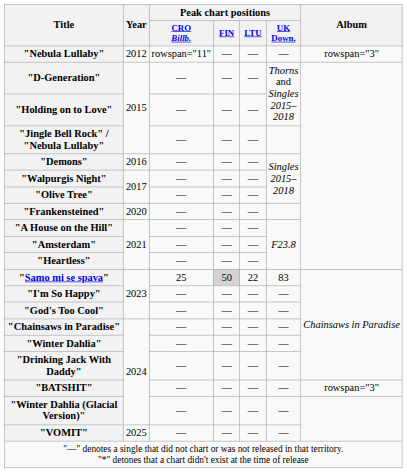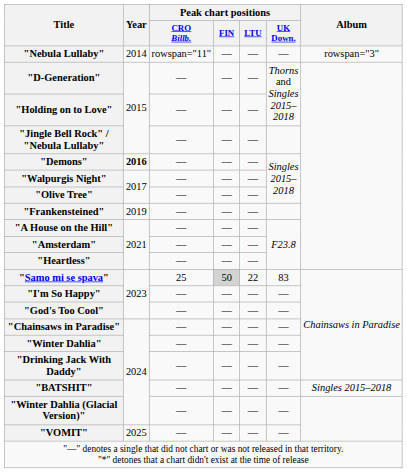 <table class="wikitable plainrowheaders" style="text-align:center;">
 <tr>
 <th scope="col" style="width:11em;" rowspan="2">Title</th>
 <th scope="col" rowspan="2">Year</th>
 <th scope="col" colspan="4">Peak chart positions</th>
 <th scope="col" rowspan="2">Album</th>
 </tr>
 <tr>
 <th style="width:2.5em; font-size:85%"><a href='#'>CRO<br><em>Billb.</em></a><br></th>
 <th style="width:2.5em; font-size:85%;"><a href='#'>FIN</a><br></th>
 <th style="width:2.5em; font-size:85%"><a href='#'>LTU</a><br></th>
 <th style="width:2.5em; font-size:85%"><a href='#'>UK<br>Down.</a><br></th>
 </tr>
 <tr>
 <th scope="row">"Nebula Lullaby"</th>
-<td>2012</td>
+<td>2014</td>
 <td>rowspan="11" </td>
 <td>—</td>
 <td>—</td>
 <td>—</td>
 <td>rowspan="3" </td>
 </tr>
 <tr>
 <th scope="row">"D-Generation"</th>
 <td rowspan="3">2015</td>
 <td>—</td>
 <td>—</td>
 <td>—</td>
 <td rowspan="2"><em>Thorns</em> and <em>Singles 2015–2018</em></td>
 </tr>
 <tr>
 <th scope="row">"Holding on to Love"</th>
 <td>—</td>
 <td>—</td>
 <td>—</td>
 </tr>
 <tr>
 <th scope="row">"Jingle Bell Rock" / "Nebula Lullaby"</th>
 <td>—</td>
 <td>—</td>
 <td>—</td>
 <td></td>
 </tr>
 <tr>
 <th scope="row">"Demons"</th>
-<td>2016</td>
+<td><strong>2016</strong></td>
 <td>—</td>
 <td>—</td>
 <td>—</td>
 <td rowspan="3"><em>Singles 2015–2018</em></td>
 </tr>
 <tr>
 <th scope="row">"Walpurgis Night"</th>
 <td rowspan="2">2017</td>
 <td>—</td>
 <td>—</td>
 <td>—</td>
 </tr>
 <tr>
 <th scope="row">"Olive Tree"</th>
 <td>—</td>
 <td>—</td>
 <td>—</td>
 </tr>
 <tr>
 <th scope="row">"Frankensteined"<br></th>
-<td>2020</td>
+<td>2019</td>
 <td>—</td>
 <td>—</td>
 <td>—</td>
 <td></td>
 </tr>
 <tr>
 <th scope="row">"A House on the Hill"</th>
 <td rowspan="3">2021</td>
 <td>—</td>
 <td>—</td>
 <td>—</td>
 <td rowspan="3"><em>F23.8</em></td>
 </tr>
 <tr>
 <th scope="row">"Amsterdam"</th>
 <td>—</td>
 <td>—</td>
 <td>—</td>
 </tr>
 <tr>
 <th scope="row">"Heartless"</th>
 <td>—</td>
 <td>—</td>
 <td>—</td>
 </tr>
 <tr>
 <th scope="row">"<a href='#'>Samo mi se spava</a>"</th>
 <td rowspan="3">2023</td>
 <td>25</td>
 <td style="background: lightgrey;">50</td>
 <td>22</td>
 <td>83</td>
 <td rowspan="6"><em>Chainsaws in Paradise</em></td>
 </tr>
 <tr>
 <th scope="row">"I'm So Happy"</th>
 <td>—</td>
 <td>—</td>
 <td>—</td>
 <td>—</td>
 </tr>
 <tr>
 <th scope="row">"God's Too Cool"</th>
 <td>—</td>
 <td>—</td>
 <td>—</td>
 <td>—</td>
 </tr>
 <tr>
 <th scope="row">"Chainsaws in Paradise"</th>
 <td rowspan="5">2024</td>
 <td>—</td>
 <td>—</td>
 <td>—</td>
 <td>—</td>
 </tr>
 <tr>
 <th scope="row">"Winter Dahlia"</th>
 <td>—</td>
 <td>—</td>
 <td>—</td>
 <td>—</td>
 </tr>
 <tr>
 <th scope="row">"Drinking Jack With Daddy"</th>
 <td>—</td>
 <td>—</td>
 <td>—</td>
 <td>—</td>
 </tr>
 <tr>
 <th scope="row">"BATSHIT"</th>
 <td>—</td>
 <td>—</td>
 <td>—</td>
 <td>—</td>
-<td>rowspan="3" </td>
+<td><em>Singles 2015–2018</em></td>
 </tr>
 <tr>
 <th scope="row">"Winter Dahlia (Glacial Version)"</th>
 <td>—</td>
 <td>—</td>
 <td>—</td>
 <td>—</td>
 </tr>
 <tr>
 <th scope="row">"VOMIT"</th>
 <td>2025</td>
 <td>—</td>
 <td>—</td>
 <td>—</td>
 <td>—</td>
 </tr>
 <tr>
 <td colspan="7" style="font-size:90%">"—" denotes a single that did not chart or was not released in that territory.<br>"*" detones that a chart didn't exist at the time of release</td>
 </tr>
 </table>
